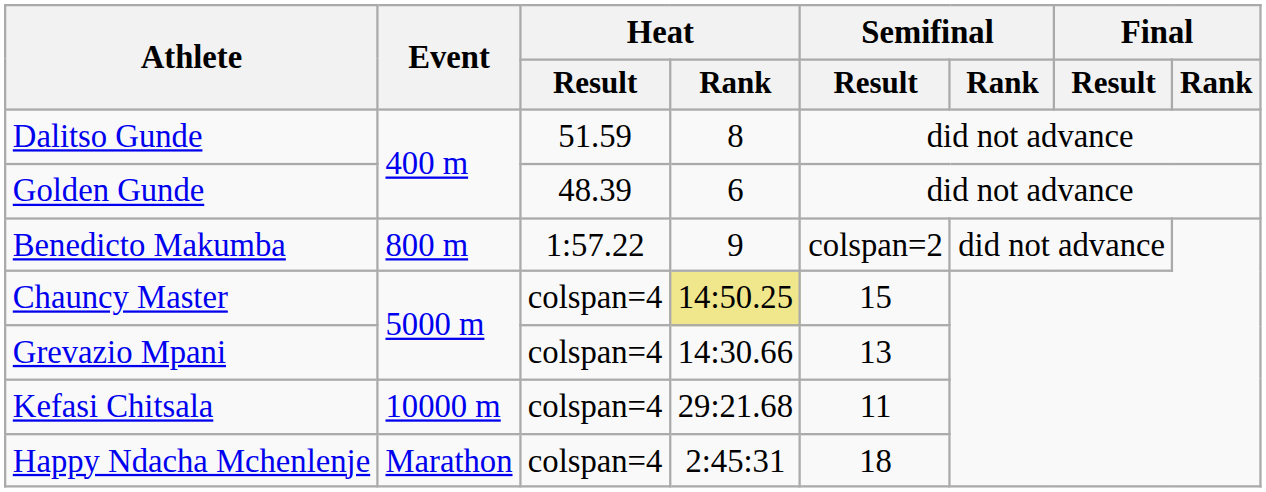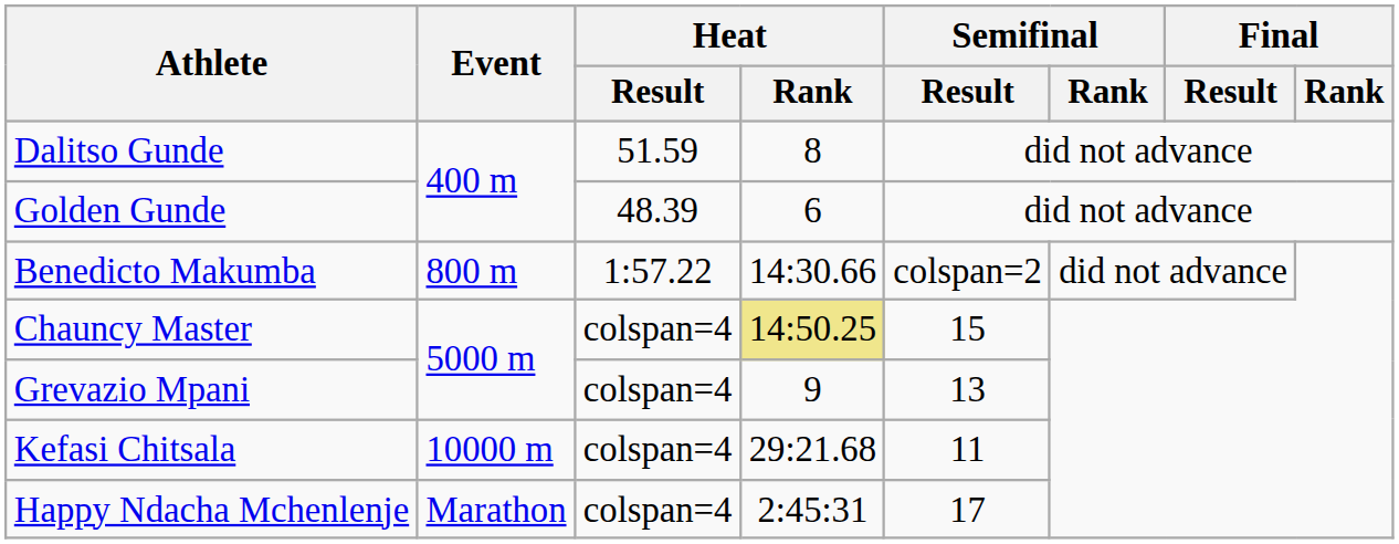 <table class="wikitable" style="font-size:90%">
 <tr>
 <th rowspan=2>Athlete</th>
 <th rowspan=2>Event</th>
 <th colspan=2>Heat</th>
 <th colspan=2>Semifinal</th>
 <th colspan=2>Final</th>
 </tr>
 <tr style="font-size:95%">
 <th>Result</th>
 <th>Rank</th>
 <th>Result</th>
 <th>Rank</th>
 <th>Result</th>
 <th>Rank</th>
 </tr>
 <tr align=center>
 <td align=left><a href='#'>Dalitso Gunde</a></td>
 <td align=left rowspan=2><a href='#'>400 m</a></td>
 <td>51.59</td>
 <td>8</td>
 <td colspan=4>did not advance</td>
 </tr>
 <tr align=center>
 <td align=left><a href='#'>Golden Gunde</a></td>
 <td>48.39</td>
 <td>6</td>
 <td colspan=4>did not advance</td>
 </tr>
 <tr align=center>
 <td align=left><a href='#'>Benedicto Makumba</a></td>
 <td align=left><a href='#'>800 m</a></td>
 <td>1:57.22</td>
-<td>9</td>
+<td>14:30.66</td>
 <td>colspan=2</td>
 <td colspan=2>did not advance</td>
 </tr>
 <tr align=center>
 <td align=left><a href='#'>Chauncy Master</a></td>
 <td align=left rowspan=2><a href='#'>5000 m</a></td>
 <td>colspan=4</td>
 <td style="background: khaki;">14:50.25</td>
 <td>15</td>
 </tr>
 <tr align=center>
 <td align=left><a href='#'>Grevazio Mpani</a></td>
 <td>colspan=4</td>
-<td>14:30.66</td>
+<td>9</td>
 <td>13</td>
 </tr>
 <tr align=center>
 <td align=left><a href='#'>Kefasi Chitsala</a></td>
 <td align=left><a href='#'>10000 m</a></td>
 <td>colspan=4</td>
 <td>29:21.68</td>
 <td>11</td>
 </tr>
 <tr align=center>
 <td align=left><a href='#'>Happy Ndacha Mchenlenje</a></td>
 <td align=left><a href='#'>Marathon</a></td>
 <td>colspan=4</td>
 <td>2:45:31</td>
-<td>18</td>
+<td>17</td>
 </tr>
 </table>
